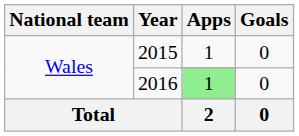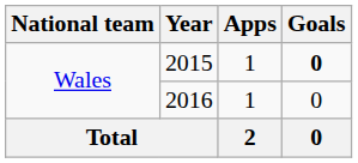 <table class=wikitable style="text-align:center">
 <tr>
 <th>National team</th>
 <th>Year</th>
 <th>Apps</th>
 <th>Goals</th>
 </tr>
 <tr>
 <td rowspan=2><a href='#'>Wales</a></td>
 <td>2015</td>
 <td>1</td>
-<td>0</td>
+<td><strong>0</strong></td>
 </tr>
 <tr>
 <td>2016</td>
-<td style="background: lightgreen;">1</td>
+<td>1</td>
 <td>0</td>
 </tr>
 <tr>
 <th colspan=2>Total</th>
 <th>2</th>
 <th>0</th>
 </tr>
 </table>
